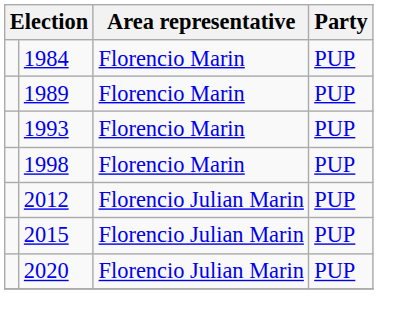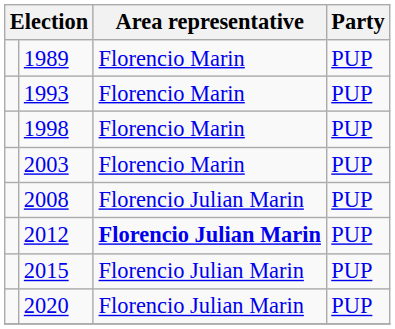 <table class="wikitable">
 <tr>
 <th colspan="2">Election</th>
 <th>Area representative</th>
 <th>Party</th>
-</tr>
-<tr>
-<td style="background-color: "></td>
-<td><a href='#'>1984</a></td>
-<td><a href='#'>Florencio Marin</a></td>
-<td><a href='#'>PUP</a></td>
 </tr>
 <tr>
 <td style="background-color: "></td>
 <td><a href='#'>1989</a></td>
 <td><a href='#'>Florencio Marin</a></td>
 <td><a href='#'>PUP</a></td>
 </tr>
 <tr>
 <td style="background-color: "></td>
 <td><a href='#'>1993</a></td>
 <td><a href='#'>Florencio Marin</a></td>
 <td><a href='#'>PUP</a></td>
 </tr>
 <tr>
 <td style="background-color: "></td>
 <td><a href='#'>1998</a></td>
 <td><a href='#'>Florencio Marin</a></td>
 <td><a href='#'>PUP</a></td>
 </tr>
 <tr>
 <td style="background-color: "></td>
+<td><a href='#'>2003</a></td>
+<td><a href='#'>Florencio Marin</a></td>
+<td><a href='#'>PUP</a></td>
+</tr>
+<tr>
+<td style="background-color: "></td>
+<td><a href='#'>2008</a></td>
+<td><a href='#'>Florencio Julian Marin</a></td>
+<td><a href='#'>PUP</a></td>
+</tr>
+<tr>
+<td style="background-color: "></td>
 <td><a href='#'>2012</a></td>
-<td><a href='#'>Florencio Julian Marin</a></td>
+<td><strong><a href='#'>Florencio Julian Marin</a></strong></td>
 <td><a href='#'>PUP</a></td>
 </tr>
 <tr>
 <td style="background-color: "></td>
 <td><a href='#'>2015</a></td>
 <td><a href='#'>Florencio Julian Marin</a></td>
 <td><a href='#'>PUP</a></td>
 </tr>
 <tr>
 <td style="background-color: "></td>
 <td><a href='#'>2020</a></td>
 <td><a href='#'>Florencio Julian Marin</a></td>
 <td><a href='#'>PUP</a></td>
 </tr>
 <tr>
 </tr>
 </table>
